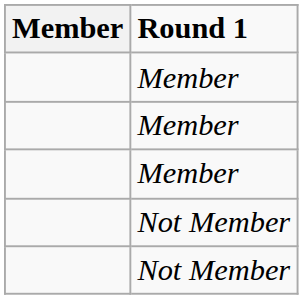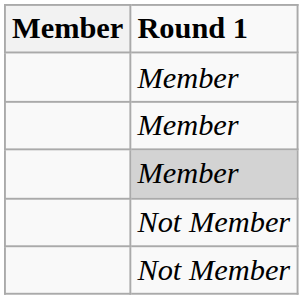 <table class="wikitable collapsible">
 <tr>
 <th>Member</th>
 <td><strong>Round 1</strong></td>
 </tr>
 <tr>
 <td></td>
 <td><em>Member</em></td>
 </tr>
 <tr>
 <td></td>
 <td><em>Member</em></td>
 </tr>
 <tr>
 <td></td>
-<td><em>Member</em></td>
+<td style="background: lightgrey;"><em>Member</em></td>
 </tr>
 <tr>
 <td></td>
 <td><em>Not Member</em></td>
 </tr>
 <tr>
 <td></td>
 <td><em>Not Member</em></td>
 </tr>
 </table>
